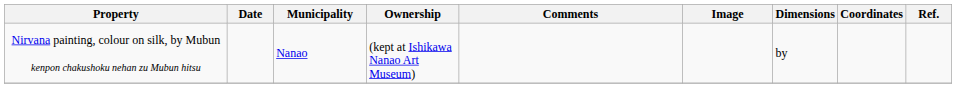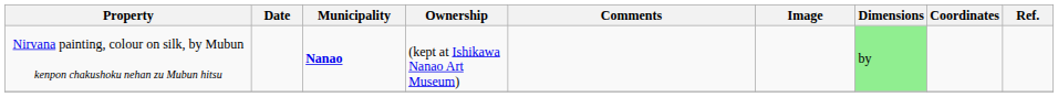 <table class="wikitable sortable"  style="width:100%;">
 <tr>
 <th width="25%" align="left">Property</th>
 <th width="5%" align="left" data-sort-type="number">Date</th>
 <th width="10%" align="left">Municipality</th>
 <th width="10%" align="left">Ownership</th>
 <th width="25%" align="left" class="unsortable">Comments</th>
 <th width="10%" align="left" class="unsortable">Image</th>
 <th width="5%" align="left" class="unsortable">Dimensions</th>
 <th width="5%" align="left" class="unsortable">Coordinates</th>
 <th width="5%" align="left" class="unsortable">Ref.</th>
 </tr>
 <tr>
 <td align="center"><a href='#'>Nirvana</a> painting, colour on silk, by Mubun<br><br><small><em>kenpon chakushoku nehan zu Mubun hitsu</em></small></td>
 <td></td>
-<td><a href='#'>Nanao</a></td>
+<td><strong><a href='#'>Nanao</a></strong></td>
 <td><br>(kept at <a href='#'>Ishikawa Nanao Art Museum</a>)</td>
 <td></td>
 <td></td>
-<td> by </td>
+<td style="background: lightgreen;"> by </td>
 <td></td>
 <td></td>
 </tr>
 <tr>
 </tr>
 </table>
